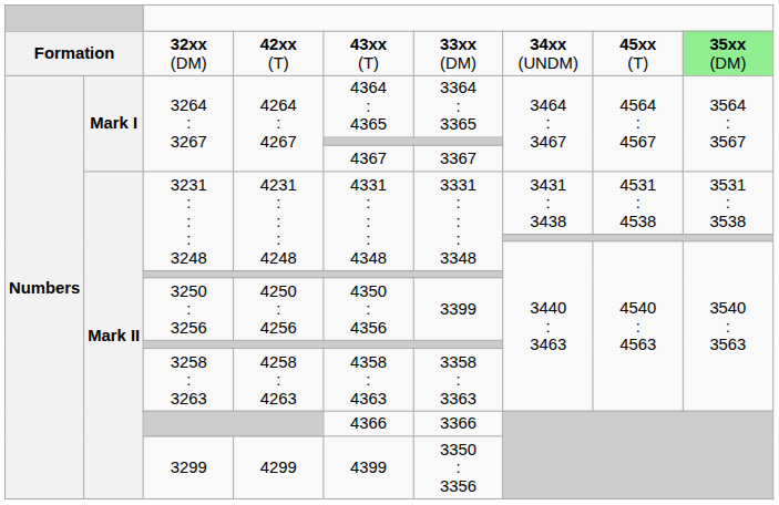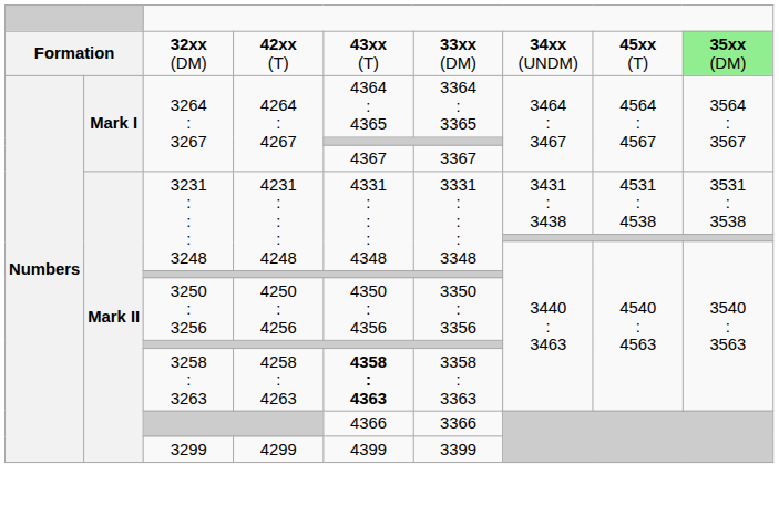 <table class="wikitable" style="text-align:center; font-size:90%;">
 <tr>
 <th style="background-color:#ccc;" colspan="2"> </th>
 <td colspan="7"></td>
 </tr>
 <tr style="border-top:solid 4px #">
 <th colspan="2">Formation</th>
 <td style="width:5em"><strong>32xx</strong><br>(DM)</td>
 <td style="width:5em"><strong>42xx</strong><br>(T)</td>
 <td style="width:5em"><strong>43xx</strong><br>(T)</td>
 <td style="width:5em"><strong>33xx</strong><br>(DM)</td>
 <td style="width:5em"><strong>34xx</strong><br>(UNDM)</td>
 <td style="width:5em"><strong>45xx</strong><br>(T)</td>
 <td style="background: lightgreen; width:5em"><strong>35xx</strong><br>(DM)</td>
 </tr>
 <tr style="border-top:solid 4px #">
 <th rowspan="12">Numbers</th>
 <th rowspan="3">Mark I</th>
 <td rowspan="3">3264<br>:<br>3267</td>
 <td rowspan="3">4264<br>:<br>4267</td>
 <td>4364<br>:<br>4365</td>
 <td>3364<br>:<br>3365</td>
 <td rowspan="3">3464<br>:<br>3467</td>
 <td rowspan="3">4564<br>:<br>4567</td>
 <td rowspan="3">3564<br>:<br>3567</td>
 </tr>
 <tr>
 <td style="background-color:#ccc;" colspan="2"></td>
 </tr>
 <tr>
 <td>4367</td>
 <td>3367</td>
 </tr>
 <tr>
 <th rowspan="9">Mark II</th>
 <td rowspan="3">3231<br>:<br>:<br>:<br>3248</td>
 <td rowspan="3">4231<br>:<br>:<br>:<br>4248</td>
 <td rowspan="3">4331<br>:<br>:<br>:<br>4348</td>
 <td rowspan="3">3331<br>:<br>:<br>:<br>3348</td>
 <td>3431<br>:<br>3438</td>
 <td>4531<br>:<br>4538</td>
 <td>3531<br>:<br>3538</td>
 </tr>
 <tr>
 <td style="background-color:#ccc;" colspan="3"></td>
 </tr>
 <tr>
 <td rowspan="5">3440<br>:<br>3463</td>
 <td rowspan="5">4540<br>:<br>4563</td>
 <td rowspan="5">3540<br>:<br>3563</td>
 </tr>
 <tr>
 <td style="background-color:#ccc;" colspan="4"></td>
 </tr>
 <tr>
 <td>3250<br>:<br>3256</td>
 <td>4250<br>:<br>4256</td>
 <td>4350<br>:<br>4356</td>
-<td>3399</td>
+<td>3350<br>:<br>3356</td>
 </tr>
 <tr>
 <td style="background-color:#ccc;" colspan="4"></td>
 </tr>
 <tr>
 <td>3258<br>:<br>3263</td>
 <td>4258<br>:<br>4263</td>
-<td>4358<br>:<br>4363</td>
+<td><strong>4358<br>:<br>4363</strong></td>
 <td>3358<br>:<br>3363</td>
 </tr>
 <tr>
 <td style="background-color:#ccc;" colspan="2"></td>
 <td>4366</td>
 <td>3366</td>
 <td style="background-color:#ccc;" colspan="3" rowspan="2"></td>
 </tr>
 <tr>
 <td>3299</td>
 <td>4299</td>
 <td>4399</td>
-<td>3350<br>:<br>3356</td>
+<td>3399</td>
 </tr>
 </table>
